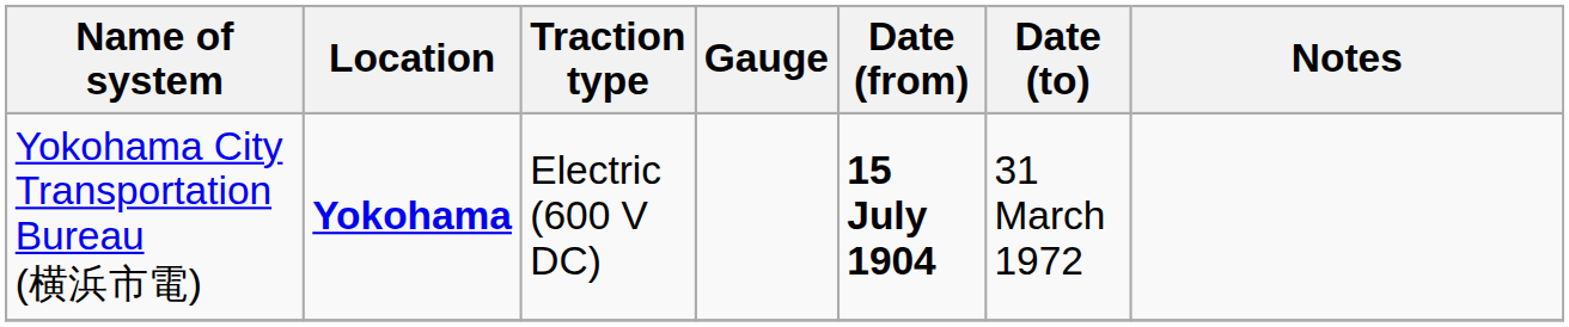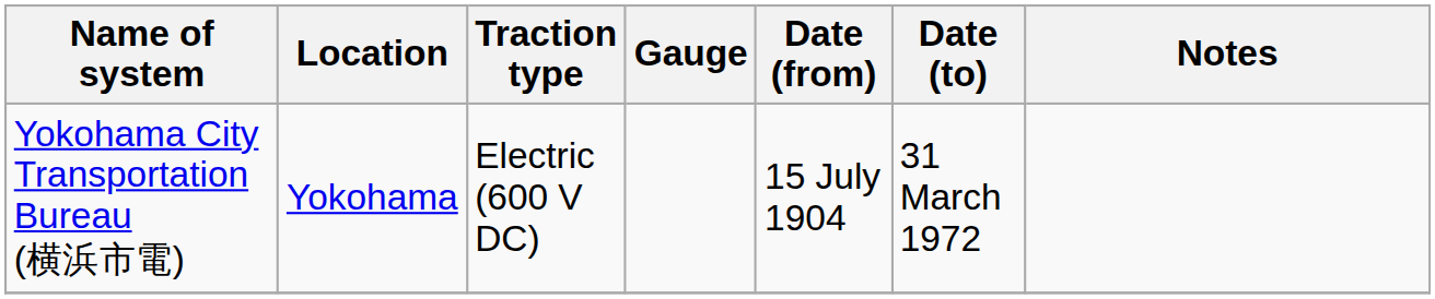 <table class="wikitable" width=100%>
 <tr>
 <th width="20%">Name of system</th>
 <th width="08%">Location</th>
 <th width="06%">Traction<br>type</th>
 <th width="06%">Gauge</th>
 <th width="10%">Date (from)</th>
 <th width="10%">Date (to)</th>
 <th width="40%">Notes</th>
 </tr>
 <tr>
 <td><a href='#'>Yokohama City Transportation Bureau</a><br>(横浜市電)</td>
-<td><strong><a href='#'>Yokohama</a></strong></td>
+<td><a href='#'>Yokohama</a></td>
 <td>Electric<br>(600 V DC)</td>
 <td></td>
-<td><strong>15 July 1904</strong></td>
+<td>15 July 1904</td>
 <td>31 March 1972</td>
 <td></td>
 </tr>
 <tr>
 </tr>
 </table>
